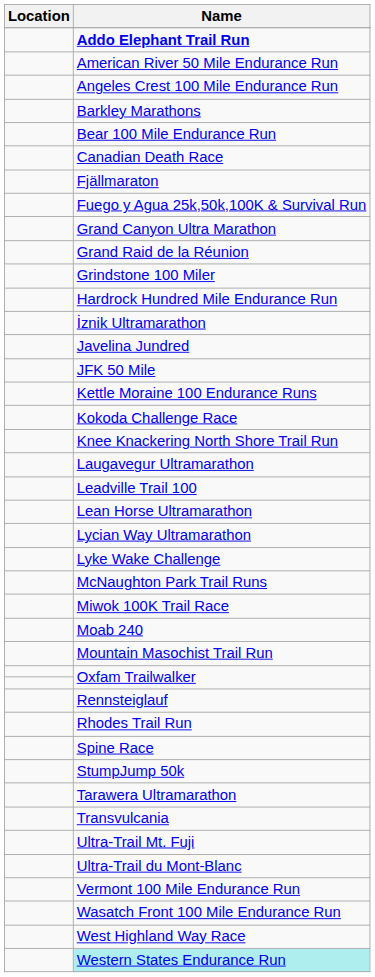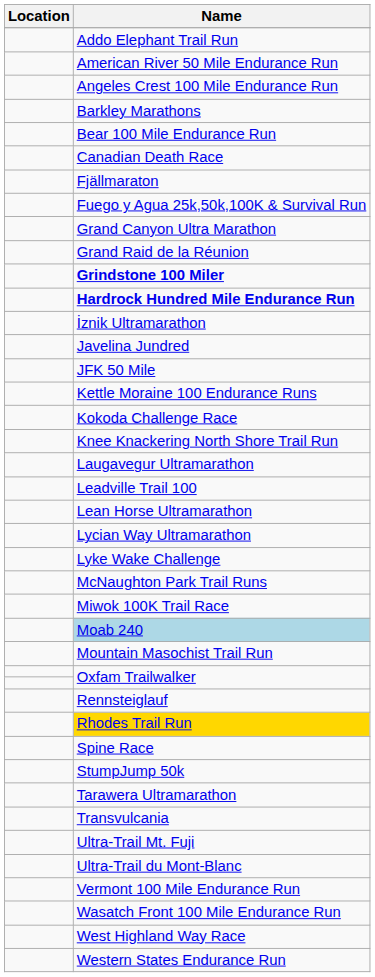 <table class="wikitable sortable">
 <tr>
 <th>Location</th>
 <th>Name</th>
 </tr>
 <tr>
 </tr>
 <tr>
 <td></td>
-<td><strong><a href='#'>Addo Elephant Trail Run</a></strong></td>
+<td><a href='#'>Addo Elephant Trail Run</a></td>
 </tr>
 <tr>
 <td></td>
 <td><a href='#'>American River 50 Mile Endurance Run</a></td>
 </tr>
 <tr>
 <td></td>
 <td><a href='#'>Angeles Crest 100 Mile Endurance Run</a></td>
 </tr>
 <tr>
 <td></td>
 <td><a href='#'>Barkley Marathons</a></td>
 </tr>
 <tr>
 <td></td>
 <td><a href='#'>Bear 100 Mile Endurance Run</a></td>
 </tr>
 <tr>
 <td></td>
 <td><a href='#'>Canadian Death Race</a></td>
 </tr>
 <tr>
 <td></td>
 <td><a href='#'>Fjällmaraton</a></td>
 </tr>
 <tr>
 <td></td>
 <td><a href='#'>Fuego y Agua 25k,50k,100K & Survival Run</a></td>
 </tr>
 <tr>
 <td></td>
 <td><a href='#'>Grand Canyon Ultra Marathon</a></td>
 </tr>
 <tr>
 <td></td>
 <td><a href='#'>Grand Raid de la Réunion</a></td>
 </tr>
 <tr>
 <td></td>
-<td><a href='#'>Grindstone 100 Miler</a></td>
+<td><strong><a href='#'>Grindstone 100 Miler</a></strong></td>
 </tr>
 <tr>
 <td></td>
-<td><a href='#'>Hardrock Hundred Mile Endurance Run</a></td>
+<td><strong><a href='#'>Hardrock Hundred Mile Endurance Run</a></strong></td>
 </tr>
 <tr>
 <td></td>
 <td><a href='#'>İznik Ultramarathon</a></td>
 </tr>
 <tr>
 <td></td>
 <td><a href='#'>Javelina Jundred</a></td>
 </tr>
 <tr>
 <td></td>
 <td><a href='#'>JFK 50 Mile</a></td>
 </tr>
 <tr>
 <td></td>
 <td><a href='#'>Kettle Moraine 100 Endurance Runs</a></td>
 </tr>
 <tr>
 <td></td>
 <td><a href='#'>Kokoda Challenge Race</a></td>
 </tr>
 <tr>
 <td></td>
 <td><a href='#'>Knee Knackering North Shore Trail Run</a></td>
 </tr>
 <tr>
 <td></td>
 <td><a href='#'>Laugavegur Ultramarathon</a></td>
 </tr>
 <tr>
 <td></td>
 <td><a href='#'>Leadville Trail 100</a></td>
 </tr>
 <tr>
 <td></td>
 <td><a href='#'>Lean Horse Ultramarathon</a></td>
 </tr>
 <tr>
 <td></td>
 <td><a href='#'>Lycian Way Ultramarathon</a></td>
 </tr>
 <tr>
 <td></td>
 <td><a href='#'>Lyke Wake Challenge</a></td>
 </tr>
 <tr>
 <td></td>
 <td><a href='#'>McNaughton Park Trail Runs</a></td>
 </tr>
 <tr>
 <td></td>
 <td><a href='#'>Miwok 100K Trail Race</a></td>
 </tr>
 <tr>
 <td></td>
-<td><a href='#'>Moab 240</a></td>
+<td style="background: lightblue;"><a href='#'>Moab 240</a></td>
 </tr>
 <tr>
 <td></td>
 <td><a href='#'>Mountain Masochist Trail Run</a></td>
 </tr>
 <tr>
 <td></td>
 <td rowspan = 2><a href='#'>Oxfam Trailwalker</a></td>
 </tr>
 <tr>
 <td></td>
 </tr>
 <tr>
 <td></td>
 <td><a href='#'>Rennsteiglauf</a></td>
 </tr>
 <tr>
 <td></td>
-<td><a href='#'>Rhodes Trail Run</a></td>
+<td style="background: gold;"><a href='#'>Rhodes Trail Run</a></td>
 </tr>
 <tr>
 <td></td>
 <td><a href='#'>Spine Race</a></td>
 </tr>
 <tr>
 <td></td>
 <td><a href='#'>StumpJump 50k</a></td>
 </tr>
 <tr>
 <td></td>
 <td><a href='#'>Tarawera Ultramarathon</a></td>
 </tr>
 <tr>
 <td></td>
 <td><a href='#'>Transvulcania</a></td>
 </tr>
 <tr>
 <td></td>
 <td><a href='#'>Ultra-Trail Mt. Fuji</a></td>
 </tr>
 <tr>
 <td></td>
 <td><a href='#'>Ultra-Trail du Mont-Blanc</a></td>
 </tr>
 <tr>
 <td></td>
 <td><a href='#'>Vermont 100 Mile Endurance Run</a></td>
 </tr>
 <tr>
 <td></td>
 <td><a href='#'>Wasatch Front 100 Mile Endurance Run</a></td>
 </tr>
 <tr>
 <td></td>
 <td><a href='#'>West Highland Way Race</a></td>
 </tr>
 <tr>
 <td></td>
-<td style="background: paleturquoise;"><a href='#'>Western States Endurance Run</a></td>
+<td><a href='#'>Western States Endurance Run</a></td>
 </tr>
 </table>
